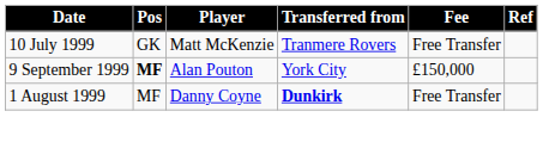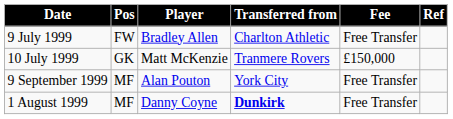 <table class="wikitable plainrowheaders sortable">
 <tr>
 <th style="background:#000000; color:#FFFFFF; ">Date</th>
 <th style="background:#000000; color:#FFFFff; ">Pos</th>
 <th style="background:#000000; color:#FFFFff; ">Player</th>
 <th style="background:#000000; color:#FFFFff; ">Transferred from</th>
 <th style="background:#000000; color:#FFFFff; ">Fee</th>
 <th style="background:#000000; color:#FFFFff; ">Ref</th>
 </tr>
 <tr>
+<td>9 July 1999</td>
+<td>FW</td>
+<td> <a href='#'>Bradley Allen</a></td>
+<td> <a href='#'>Charlton Athletic</a></td>
+<td>Free Transfer</td>
+<td></td>
+</tr>
+<tr>
 <td>10 July 1999</td>
 <td>GK</td>
 <td> Matt McKenzie</td>
 <td> <a href='#'>Tranmere Rovers</a></td>
-<td>Free Transfer</td>
+<td>£150,000</td>
 </tr>
 <tr>
 <td>9 September 1999</td>
-<td><strong>MF</strong></td>
+<td>MF</td>
 <td> <a href='#'>Alan Pouton</a></td>
 <td> <a href='#'>York City</a></td>
-<td>£150,000</td>
+<td>Free Transfer</td>
 <td></td>
 </tr>
 <tr>
 <td>1 August 1999</td>
 <td>MF</td>
 <td> <a href='#'>Danny Coyne</a></td>
 <td><strong> <a href='#'>Dunkirk</a></strong></td>
 <td>Free Transfer</td>
 <td></td>
 </tr>
 </table>
